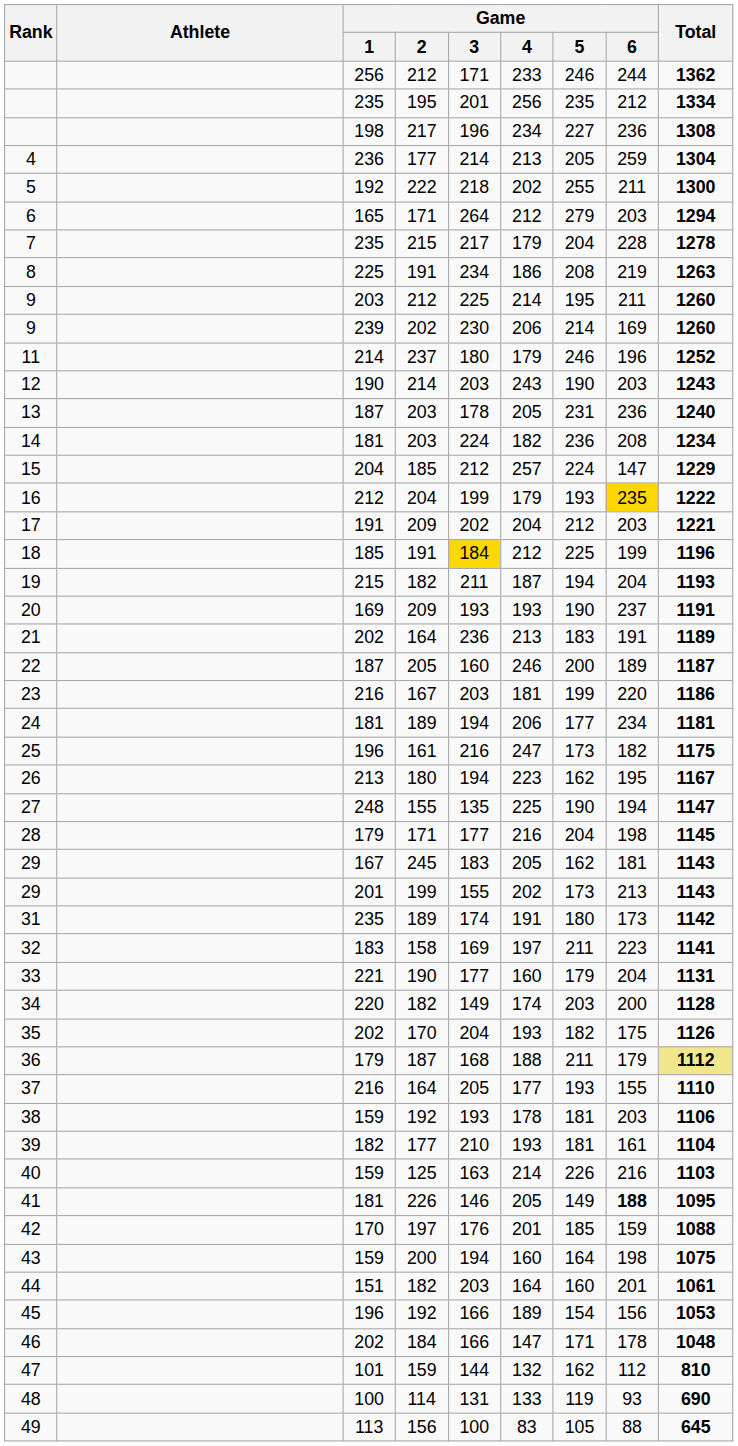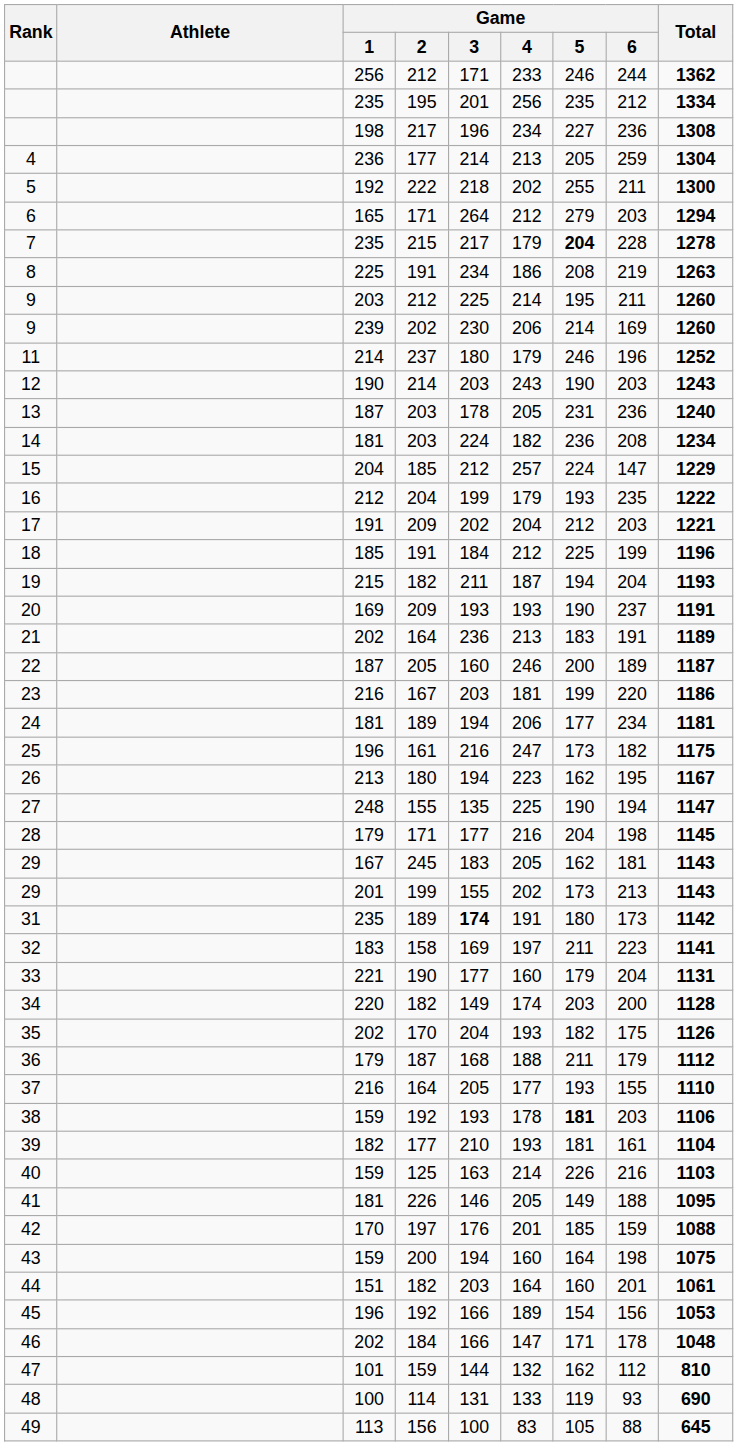 <table class=wikitable style="text-align:center">
 <tr>
 <th rowspan="2" width=40>Rank</th>
 <th rowspan="2" width=250>Athlete</th>
 <th colspan="6">Game</th>
 <th rowspan="2" width=60>Total</th>
 </tr>
 <tr>
 <th width=40>1</th>
 <th width=40>2</th>
 <th width=40>3</th>
 <th width=40>4</th>
 <th width=40>5</th>
 <th width=40>6</th>
 </tr>
 <tr>
 <td></td>
 <td align=left></td>
 <td>256</td>
 <td>212</td>
 <td>171</td>
 <td>233</td>
 <td>246</td>
 <td>244</td>
 <td><strong>1362</strong></td>
 </tr>
 <tr>
 <td></td>
 <td align=left></td>
 <td>235</td>
 <td>195</td>
 <td>201</td>
 <td>256</td>
 <td>235</td>
 <td>212</td>
 <td><strong>1334</strong></td>
 </tr>
 <tr>
 <td></td>
 <td align=left></td>
 <td>198</td>
 <td>217</td>
 <td>196</td>
 <td>234</td>
 <td>227</td>
 <td>236</td>
 <td><strong>1308</strong></td>
 </tr>
 <tr>
 <td>4</td>
 <td align=left></td>
 <td>236</td>
 <td>177</td>
 <td>214</td>
 <td>213</td>
 <td>205</td>
 <td>259</td>
 <td><strong>1304</strong></td>
 </tr>
 <tr>
 <td>5</td>
 <td align=left></td>
 <td>192</td>
 <td>222</td>
 <td>218</td>
 <td>202</td>
 <td>255</td>
 <td>211</td>
 <td><strong>1300</strong></td>
 </tr>
 <tr>
 <td>6</td>
 <td align=left></td>
 <td>165</td>
 <td>171</td>
 <td>264</td>
 <td>212</td>
 <td>279</td>
 <td>203</td>
 <td><strong>1294</strong></td>
 </tr>
 <tr>
 <td>7</td>
 <td align=left></td>
 <td>235</td>
 <td>215</td>
 <td>217</td>
 <td>179</td>
-<td>204</td>
+<td><strong>204</strong></td>
 <td>228</td>
 <td><strong>1278</strong></td>
 </tr>
 <tr>
 <td>8</td>
 <td align=left></td>
 <td>225</td>
 <td>191</td>
 <td>234</td>
 <td>186</td>
 <td>208</td>
 <td>219</td>
 <td><strong>1263</strong></td>
 </tr>
 <tr>
 <td>9</td>
 <td align=left></td>
 <td>203</td>
 <td>212</td>
 <td>225</td>
 <td>214</td>
 <td>195</td>
 <td>211</td>
 <td><strong>1260</strong></td>
 </tr>
 <tr>
 <td>9</td>
 <td align=left></td>
 <td>239</td>
 <td>202</td>
 <td>230</td>
 <td>206</td>
 <td>214</td>
 <td>169</td>
 <td><strong>1260</strong></td>
 </tr>
 <tr>
 <td>11</td>
 <td align=left></td>
 <td>214</td>
 <td>237</td>
 <td>180</td>
 <td>179</td>
 <td>246</td>
 <td>196</td>
 <td><strong>1252</strong></td>
 </tr>
 <tr>
 <td>12</td>
 <td align=left></td>
 <td>190</td>
 <td>214</td>
 <td>203</td>
 <td>243</td>
 <td>190</td>
 <td>203</td>
 <td><strong>1243</strong></td>
 </tr>
 <tr>
 <td>13</td>
 <td align=left></td>
 <td>187</td>
 <td>203</td>
 <td>178</td>
 <td>205</td>
 <td>231</td>
 <td>236</td>
 <td><strong>1240</strong></td>
 </tr>
 <tr>
 <td>14</td>
 <td align=left></td>
 <td>181</td>
 <td>203</td>
 <td>224</td>
 <td>182</td>
 <td>236</td>
 <td>208</td>
 <td><strong>1234</strong></td>
 </tr>
 <tr>
 <td>15</td>
 <td align=left></td>
 <td>204</td>
 <td>185</td>
 <td>212</td>
 <td>257</td>
 <td>224</td>
 <td>147</td>
 <td><strong>1229</strong></td>
 </tr>
 <tr>
 <td>16</td>
 <td align=left></td>
 <td>212</td>
 <td>204</td>
 <td>199</td>
 <td>179</td>
 <td>193</td>
-<td style="background: gold;">235</td>
+<td>235</td>
 <td><strong>1222</strong></td>
 </tr>
 <tr>
 <td>17</td>
 <td align=left></td>
 <td>191</td>
 <td>209</td>
 <td>202</td>
 <td>204</td>
 <td>212</td>
 <td>203</td>
 <td><strong>1221</strong></td>
 </tr>
 <tr>
 <td>18</td>
 <td align=left></td>
 <td>185</td>
 <td>191</td>
-<td style="background: gold;">184</td>
+<td>184</td>
 <td>212</td>
 <td>225</td>
 <td>199</td>
 <td><strong>1196</strong></td>
 </tr>
 <tr>
 <td>19</td>
 <td align=left></td>
 <td>215</td>
 <td>182</td>
 <td>211</td>
 <td>187</td>
 <td>194</td>
 <td>204</td>
 <td><strong>1193</strong></td>
 </tr>
 <tr>
 <td>20</td>
 <td align=left></td>
 <td>169</td>
 <td>209</td>
 <td>193</td>
 <td>193</td>
 <td>190</td>
 <td>237</td>
 <td><strong>1191</strong></td>
 </tr>
 <tr>
 <td>21</td>
 <td align=left></td>
 <td>202</td>
 <td>164</td>
 <td>236</td>
 <td>213</td>
 <td>183</td>
 <td>191</td>
 <td><strong>1189</strong></td>
 </tr>
 <tr>
 <td>22</td>
 <td align=left></td>
 <td>187</td>
 <td>205</td>
 <td>160</td>
 <td>246</td>
 <td>200</td>
 <td>189</td>
 <td><strong>1187</strong></td>
 </tr>
 <tr>
 <td>23</td>
 <td align=left></td>
 <td>216</td>
 <td>167</td>
 <td>203</td>
 <td>181</td>
 <td>199</td>
 <td>220</td>
 <td><strong>1186</strong></td>
 </tr>
 <tr>
 <td>24</td>
 <td align=left></td>
 <td>181</td>
 <td>189</td>
 <td>194</td>
 <td>206</td>
 <td>177</td>
 <td>234</td>
 <td><strong>1181</strong></td>
 </tr>
 <tr>
 <td>25</td>
 <td align=left></td>
 <td>196</td>
 <td>161</td>
 <td>216</td>
 <td>247</td>
 <td>173</td>
 <td>182</td>
 <td><strong>1175</strong></td>
 </tr>
 <tr>
 <td>26</td>
 <td align=left></td>
 <td>213</td>
 <td>180</td>
 <td>194</td>
 <td>223</td>
 <td>162</td>
 <td>195</td>
 <td><strong>1167</strong></td>
 </tr>
 <tr>
 <td>27</td>
 <td align=left></td>
 <td>248</td>
 <td>155</td>
 <td>135</td>
 <td>225</td>
 <td>190</td>
 <td>194</td>
 <td><strong>1147</strong></td>
 </tr>
 <tr>
 <td>28</td>
 <td align=left></td>
 <td>179</td>
 <td>171</td>
 <td>177</td>
 <td>216</td>
 <td>204</td>
 <td>198</td>
 <td><strong>1145</strong></td>
 </tr>
 <tr>
 <td>29</td>
 <td align=left></td>
 <td>167</td>
 <td>245</td>
 <td>183</td>
 <td>205</td>
 <td>162</td>
 <td>181</td>
 <td><strong>1143</strong></td>
 </tr>
 <tr>
 <td>29</td>
 <td align=left></td>
 <td>201</td>
 <td>199</td>
 <td>155</td>
 <td>202</td>
 <td>173</td>
 <td>213</td>
 <td><strong>1143</strong></td>
 </tr>
 <tr>
 <td>31</td>
 <td align=left></td>
 <td>235</td>
 <td>189</td>
-<td>174</td>
+<td><strong>174</strong></td>
 <td>191</td>
 <td>180</td>
 <td>173</td>
 <td><strong>1142</strong></td>
 </tr>
 <tr>
 <td>32</td>
 <td align=left></td>
 <td>183</td>
 <td>158</td>
 <td>169</td>
 <td>197</td>
 <td>211</td>
 <td>223</td>
 <td><strong>1141</strong></td>
 </tr>
 <tr>
 <td>33</td>
 <td align=left></td>
 <td>221</td>
 <td>190</td>
 <td>177</td>
 <td>160</td>
 <td>179</td>
 <td>204</td>
 <td><strong>1131</strong></td>
 </tr>
 <tr>
 <td>34</td>
 <td align=left></td>
 <td>220</td>
 <td>182</td>
 <td>149</td>
 <td>174</td>
 <td>203</td>
 <td>200</td>
 <td><strong>1128</strong></td>
 </tr>
 <tr>
 <td>35</td>
 <td align=left></td>
 <td>202</td>
 <td>170</td>
 <td>204</td>
 <td>193</td>
 <td>182</td>
 <td>175</td>
 <td><strong>1126</strong></td>
 </tr>
 <tr>
 <td>36</td>
 <td align=left></td>
 <td>179</td>
 <td>187</td>
 <td>168</td>
 <td>188</td>
 <td>211</td>
 <td>179</td>
-<td style="background: khaki;"><strong>1112</strong></td>
+<td><strong>1112</strong></td>
 </tr>
 <tr>
 <td>37</td>
 <td align=left></td>
 <td>216</td>
 <td>164</td>
 <td>205</td>
 <td>177</td>
 <td>193</td>
 <td>155</td>
 <td><strong>1110</strong></td>
 </tr>
 <tr>
 <td>38</td>
 <td align=left></td>
 <td>159</td>
 <td>192</td>
 <td>193</td>
 <td>178</td>
-<td>181</td>
+<td><strong>181</strong></td>
 <td>203</td>
 <td><strong>1106</strong></td>
 </tr>
 <tr>
 <td>39</td>
 <td align=left></td>
 <td>182</td>
 <td>177</td>
 <td>210</td>
 <td>193</td>
 <td>181</td>
 <td>161</td>
 <td><strong>1104</strong></td>
 </tr>
 <tr>
 <td>40</td>
 <td align=left></td>
 <td>159</td>
 <td>125</td>
 <td>163</td>
 <td>214</td>
 <td>226</td>
 <td>216</td>
 <td><strong>1103</strong></td>
 </tr>
 <tr>
 <td>41</td>
 <td align=left></td>
 <td>181</td>
 <td>226</td>
 <td>146</td>
 <td>205</td>
 <td>149</td>
-<td><strong>188</strong></td>
+<td>188</td>
 <td><strong>1095</strong></td>
 </tr>
 <tr>
 <td>42</td>
 <td align=left></td>
 <td>170</td>
 <td>197</td>
 <td>176</td>
 <td>201</td>
 <td>185</td>
 <td>159</td>
 <td><strong>1088</strong></td>
 </tr>
 <tr>
 <td>43</td>
 <td align=left></td>
 <td>159</td>
 <td>200</td>
 <td>194</td>
 <td>160</td>
 <td>164</td>
 <td>198</td>
 <td><strong>1075</strong></td>
 </tr>
 <tr>
 <td>44</td>
 <td align=left></td>
 <td>151</td>
 <td>182</td>
 <td>203</td>
 <td>164</td>
 <td>160</td>
 <td>201</td>
 <td><strong>1061</strong></td>
 </tr>
 <tr>
 <td>45</td>
 <td align=left></td>
 <td>196</td>
 <td>192</td>
 <td>166</td>
 <td>189</td>
 <td>154</td>
 <td>156</td>
 <td><strong>1053</strong></td>
 </tr>
 <tr>
 <td>46</td>
 <td align=left></td>
 <td>202</td>
 <td>184</td>
 <td>166</td>
 <td>147</td>
 <td>171</td>
 <td>178</td>
 <td><strong>1048</strong></td>
 </tr>
 <tr>
 <td>47</td>
 <td align=left></td>
 <td>101</td>
 <td>159</td>
 <td>144</td>
 <td>132</td>
 <td>162</td>
 <td>112</td>
 <td><strong>810</strong></td>
 </tr>
 <tr>
 <td>48</td>
 <td align=left></td>
 <td>100</td>
 <td>114</td>
 <td>131</td>
 <td>133</td>
 <td>119</td>
 <td>93</td>
 <td><strong>690</strong></td>
 </tr>
 <tr>
 <td>49</td>
 <td align=left></td>
 <td>113</td>
 <td>156</td>
 <td>100</td>
 <td>83</td>
 <td>105</td>
 <td>88</td>
 <td><strong>645</strong></td>
 </tr>
 </table>
